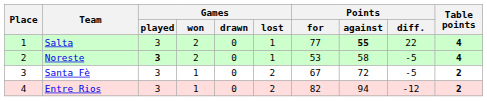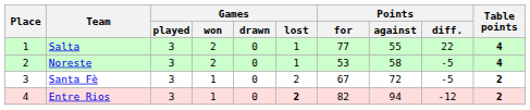 <table class="wikitable">
 <tr>
 <th rowspan=2 width="8%">Place</th>
 <th rowspan=2 width="20%">Team</th>
 <th colspan=4 width="32%">Games</th>
 <th colspan=3 width="30%">Points</th>
 <th rowspan=2 width="10%">Table<br>points</th>
 </tr>
 <tr>
 <th width="8%">played</th>
 <th width="8%">won</th>
 <th width="8%">drawn</th>
 <th width="8%">lost</th>
 <th width="10%">for</th>
 <th width="10%">against</th>
 <th width="10%">diff.</th>
 </tr>
 <tr align=center style="background: #ccffcc;">
 <td>1</td>
 <td align=left><a href='#'>Salta</a></td>
 <td>3</td>
 <td>2</td>
 <td>0</td>
 <td>1</td>
 <td>77</td>
-<td><strong>55</strong></td>
+<td>55</td>
 <td>22</td>
 <td><strong>4</strong></td>
 </tr>
 <tr align=center style="background: #ccffcc;">
 <td>2</td>
 <td align=left><a href='#'>Noreste</a></td>
-<td><strong>3</strong></td>
+<td>3</td>
 <td>2</td>
 <td>0</td>
 <td>1</td>
 <td>53</td>
 <td>58</td>
 <td>-5</td>
 <td><strong>4</strong></td>
 </tr>
 <tr align=center style="background: #ffffff;">
 <td>3</td>
 <td align=left><a href='#'>Santa Fè</a></td>
 <td>3</td>
 <td>1</td>
 <td>0</td>
 <td>2</td>
 <td>67</td>
 <td>72</td>
 <td>-5</td>
 <td><strong>2</strong></td>
 </tr>
 <tr align=center style="background: #ffdddd;">
 <td>4</td>
 <td align=left><a href='#'>Entre Rios</a></td>
 <td>3</td>
 <td>1</td>
 <td>0</td>
-<td>2</td>
+<td><strong>2</strong></td>
 <td>82</td>
 <td>94</td>
 <td>-12</td>
 <td><strong>2</strong></td>
 </tr>
 </table>
